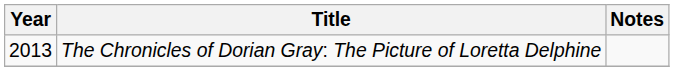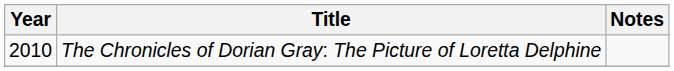 <table class="wikitable sortable">
 <tr>
 <th>Year</th>
 <th>Title</th>
 <th>Notes</th>
 </tr>
 <tr>
-<td>2013</td>
+<td>2010</td>
 <td><em>The Chronicles of Dorian Gray</em>: <em>The Picture of Loretta Delphine</em></td>
 <td></td>
 </tr>
 <tr>
 </tr>
 </table>
